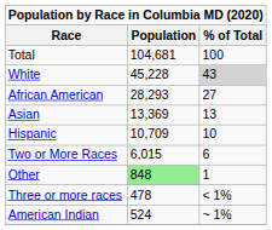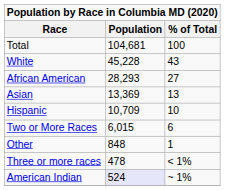 <table class="wikitable sortable">
 <tr>
 <td colspan=3 style="text-align:center;"><strong>Population by Race in Columbia MD (2020)</strong></td>
 </tr>
 <tr>
 <th>Race</th>
 <th>Population</th>
 <th>% of Total</th>
 </tr>
 <tr>
 <td>Total</td>
 <td>104,681</td>
 <td>100</td>
 </tr>
 <tr>
 <td><a href='#'>White</a></td>
 <td>45,228</td>
-<td style="background: lightgrey;">43</td>
+<td>43</td>
 </tr>
 <tr>
 <td><a href='#'>African American</a></td>
 <td>28,293</td>
 <td>27</td>
 </tr>
 <tr>
 <td><a href='#'>Asian</a></td>
 <td>13,369</td>
 <td>13</td>
 </tr>
 <tr>
 <td><a href='#'>Hispanic</a></td>
 <td>10,709</td>
 <td>10</td>
 </tr>
 <tr>
 <td><a href='#'>Two or More Races</a></td>
 <td>6,015</td>
 <td>6</td>
 </tr>
 <tr>
 <td><a href='#'>Other</a></td>
-<td style="background: lightgreen;">848</td>
+<td>848</td>
 <td>1</td>
 </tr>
 <tr>
 <td><a href='#'>Three or more races</a></td>
 <td>478</td>
 <td>< 1%</td>
 </tr>
 <tr>
 <td><a href='#'>American Indian</a></td>
-<td>524</td>
+<td style="background: lavender;">524</td>
 <td>~ 1%</td>
 </tr>
 <tr>
 </tr>
 </table>
